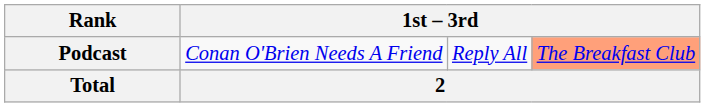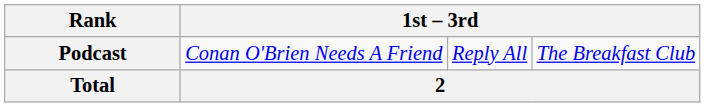 <table class="wikitable">
 <tr>
 <th style="width:130px;">Rank</th>
 <th colspan="3" style="width:130px;">1st – 3rd</th>
 </tr>
 <tr align="center">
 <th>Podcast</th>
 <td><em><a href='#'>Conan O'Brien Needs A Friend</a></em></td>
 <td><em><a href='#'>Reply All</a></em></td>
-<td style="background: lightsalmon;"><em><a href='#'>The Breakfast Club</a></em></td>
+<td><em><a href='#'>The Breakfast Club</a></em></td>
 </tr>
 <tr style="text-align:center;">
 <th>Total</th>
 <th colspan="3">2</th>
 </tr>
 </table>
